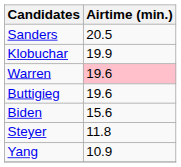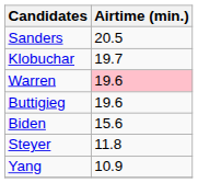 <table class="wikitable sortable" style="display:inline-table;line-height:16px;">
 <tr>
 <th>Candidates</th>
 <th>Airtime (min.)</th>
 </tr>
 <tr>
 <td><a href='#'>Sanders</a></td>
 <td>20.5</td>
 </tr>
 <tr>
 <td><a href='#'>Klobuchar</a></td>
-<td>19.9</td>
+<td>19.7</td>
 </tr>
 <tr>
 <td><a href='#'>Warren</a></td>
 <td style="background: pink;">19.6</td>
 </tr>
 <tr>
 <td><a href='#'>Buttigieg</a></td>
 <td>19.6</td>
 </tr>
 <tr>
 <td><a href='#'>Biden</a></td>
 <td>15.6</td>
 </tr>
 <tr>
 <td><a href='#'>Steyer</a></td>
 <td>11.8</td>
 </tr>
 <tr>
 <td><a href='#'>Yang</a></td>
 <td>10.9</td>
 </tr>
 <tr>
 </tr>
 </table>
